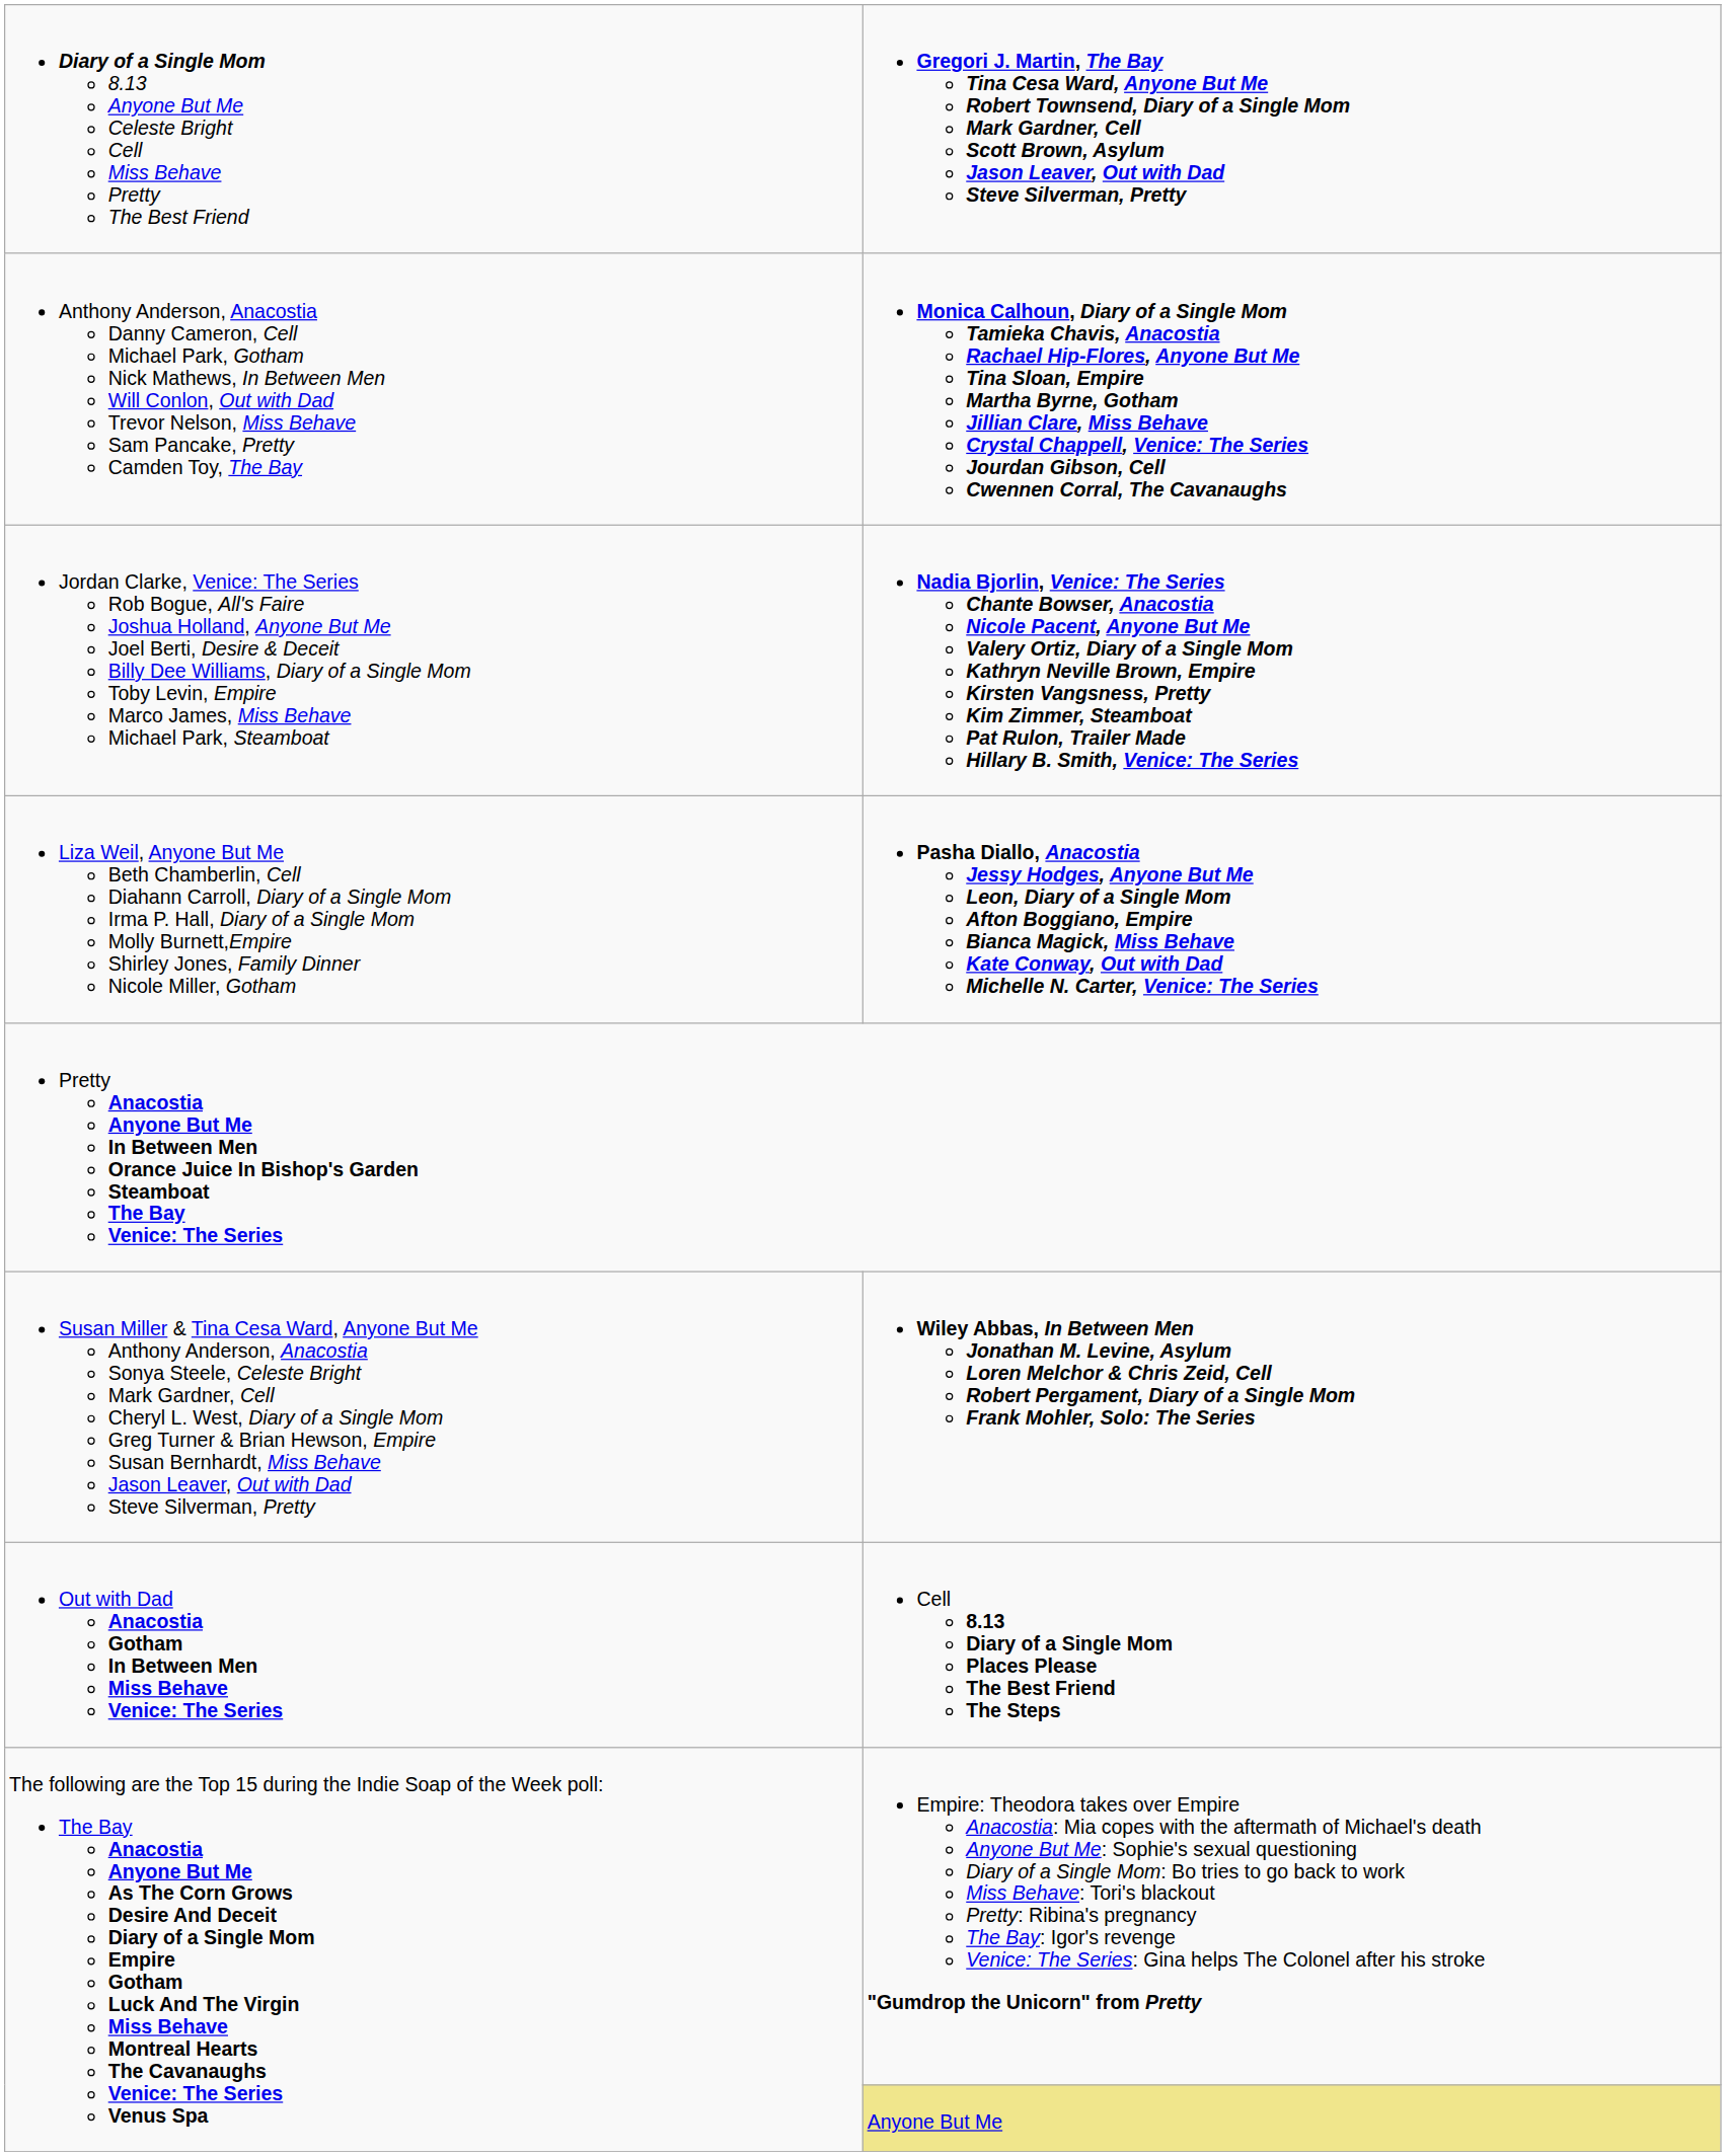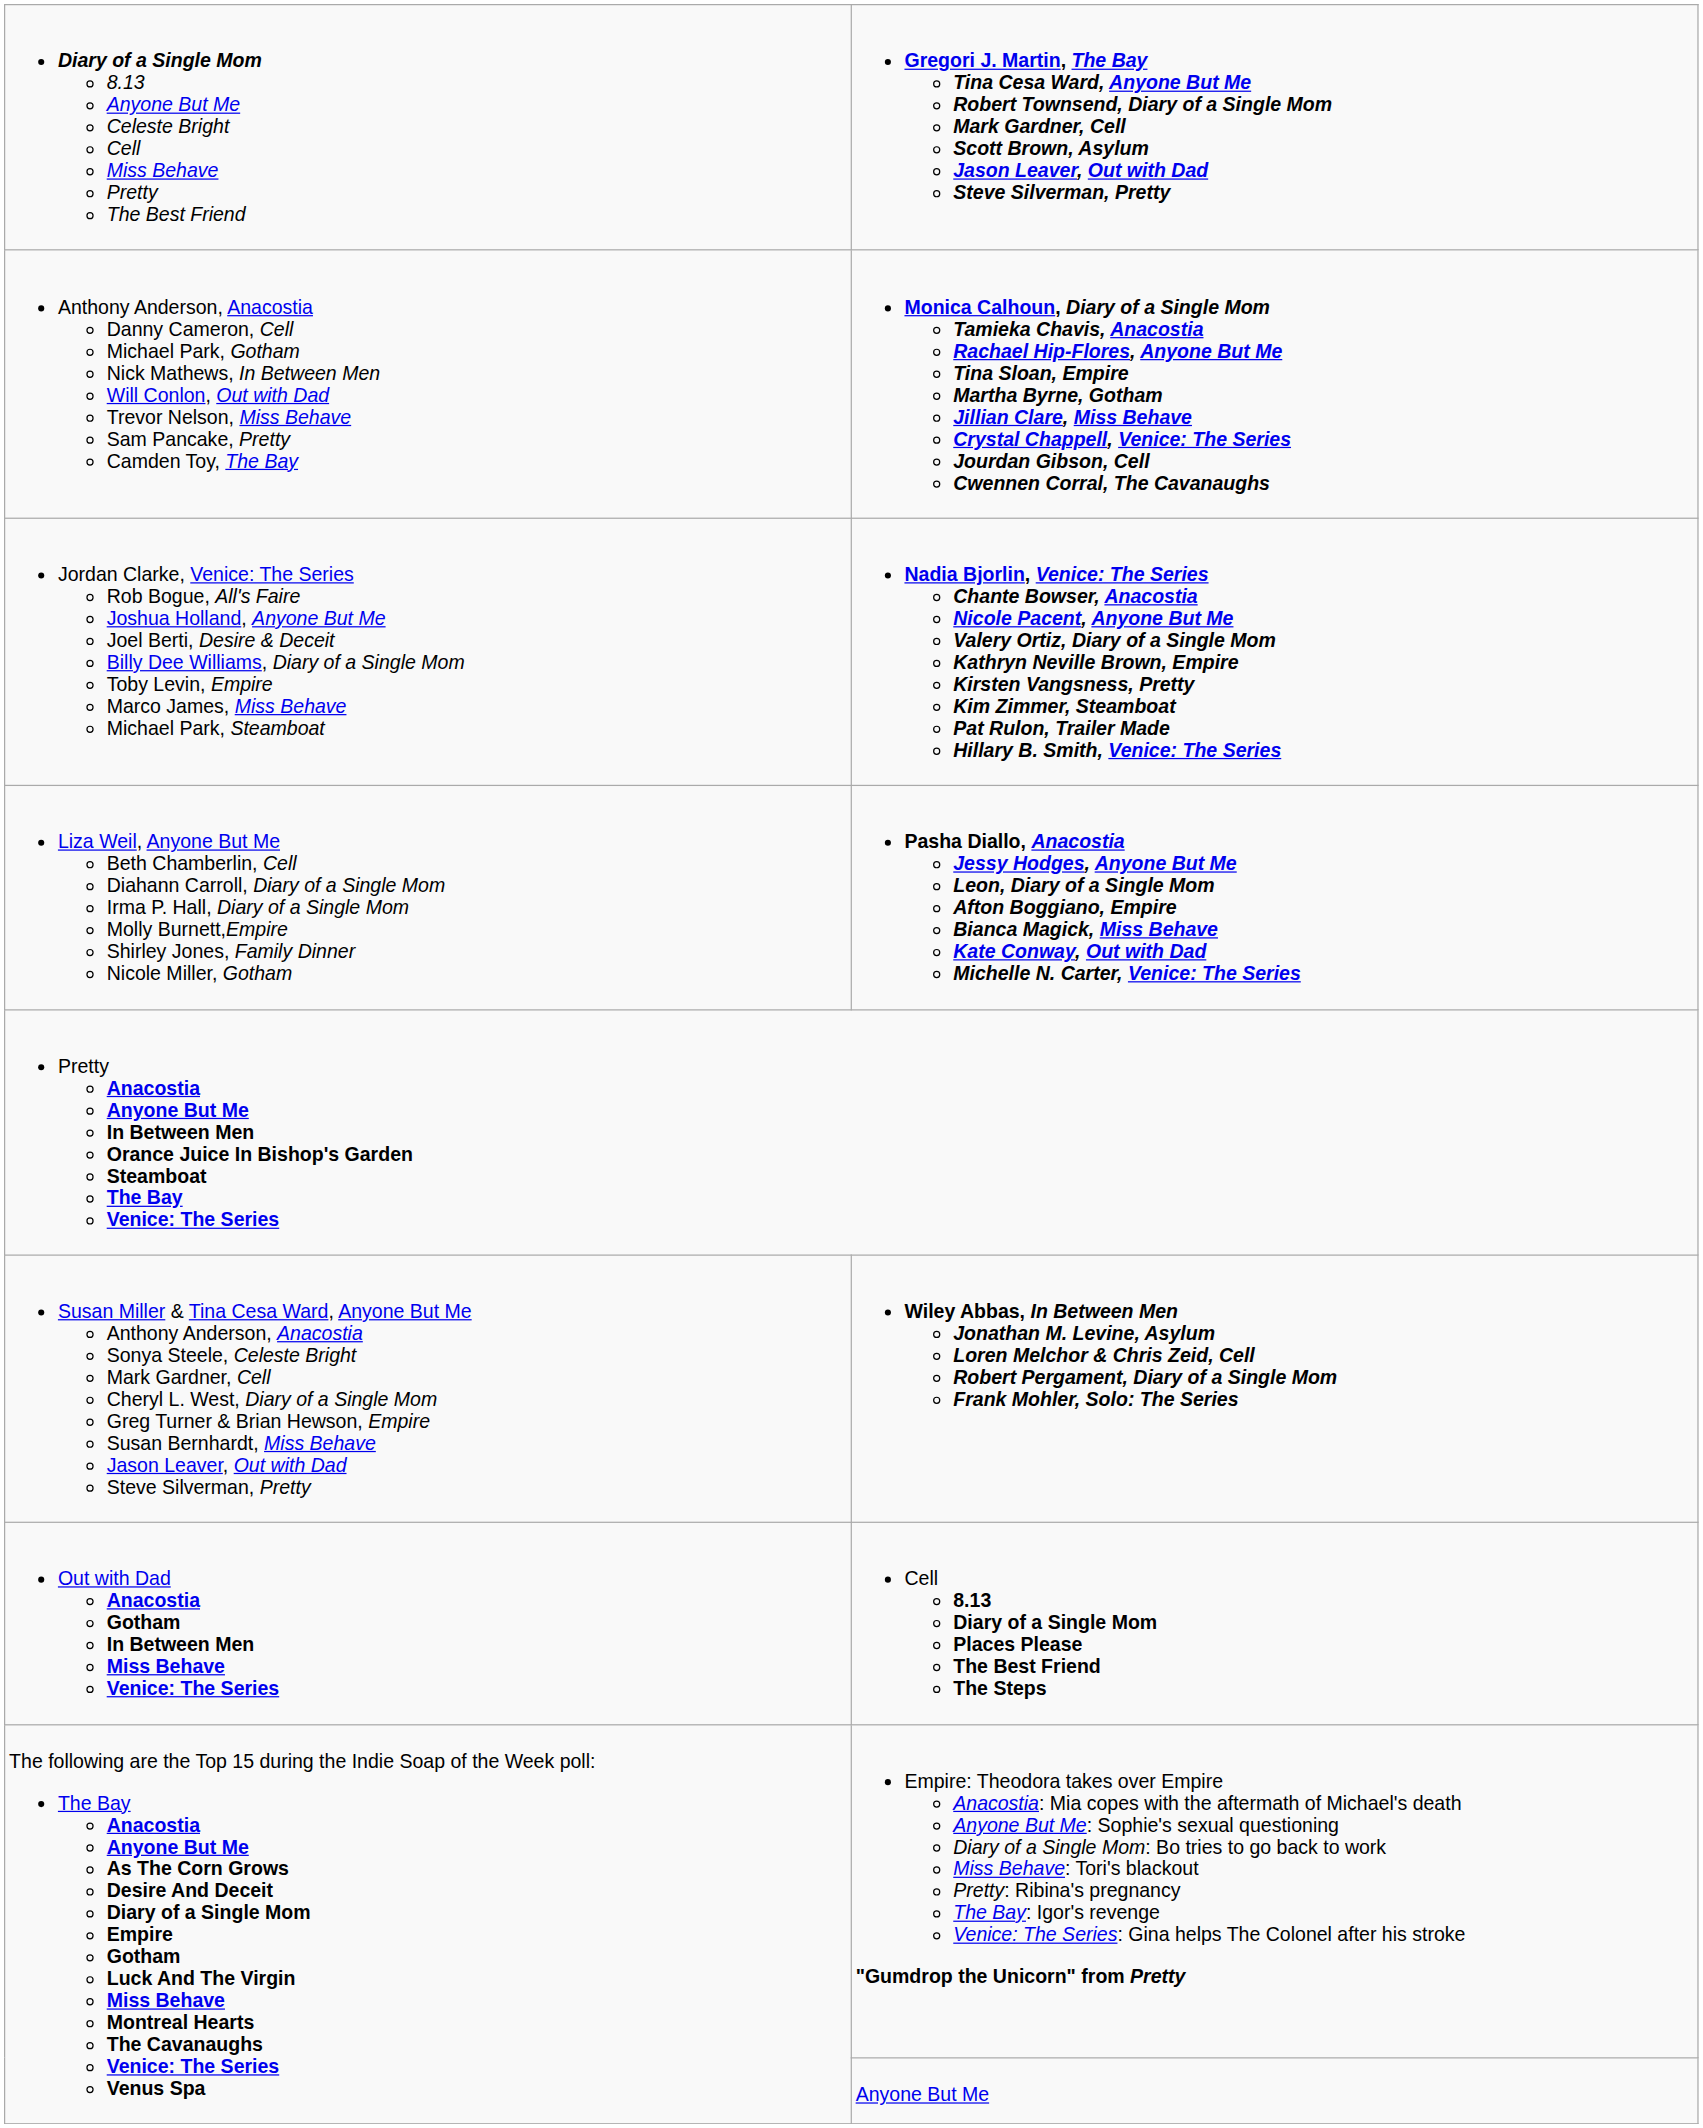 <table class=wikitable  style="width:70%">
 <tr>
 <td valign="top" width="50%"><br><ul><li><strong><em>Diary of a Single Mom</em></strong><ul><li><em>8.13</em></li><li><em><a href='#'>Anyone But Me</a></em></li><li><em>Celeste Bright</em></li><li><em>Cell</em></li><li><em><a href='#'>Miss Behave</a></em></li><li><em>Pretty</em></li><li><em>The Best Friend</em></li></ul></li></ul></td>
 <td valign="top" width="50%"><br><ul><li><strong><a href='#'>Gregori J. Martin</a>, <em><a href='#'>The Bay</a><strong><em><ul><li>Tina Cesa Ward, </em><a href='#'>Anyone But Me</a><em></li><li>Robert Townsend, </em>Diary of a Single Mom<em></li><li>Mark Gardner, </em>Cell<em></li><li>Scott Brown, </em>Asylum<em></li><li><a href='#'>Jason Leaver</a>, </em><a href='#'>Out with Dad</a><em></li><li>Steve Silverman, </em>Pretty<em></li></ul></li></ul></td>
 </tr>
 <tr>
 <td valign="top" width="50%"><br><ul><li></strong>Anthony Anderson, </em><a href='#'>Anacostia</a></em></strong><ul><li>Danny Cameron, <em>Cell</em></li><li>Michael Park, <em>Gotham</em></li><li>Nick Mathews, <em>In Between Men</em></li><li><a href='#'>Will Conlon</a>, <em><a href='#'>Out with Dad</a></em></li><li>Trevor Nelson, <em><a href='#'>Miss Behave</a></em></li><li>Sam Pancake, <em>Pretty</em></li><li>Camden Toy, <em><a href='#'>The Bay</a></em></li></ul></li></ul></td>
 <td valign="top" width="50%"><br><ul><li><strong><a href='#'>Monica Calhoun</a>, <em>Diary of a Single Mom<strong><em><ul><li>Tamieka Chavis, </em><a href='#'>Anacostia</a><em></li><li><a href='#'>Rachael Hip-Flores</a>, </em><a href='#'>Anyone But Me</a><em></li><li>Tina Sloan, </em>Empire<em></li><li>Martha Byrne, </em>Gotham<em></li><li><a href='#'>Jillian Clare</a>, </em><a href='#'>Miss Behave</a><em></li><li><a href='#'>Crystal Chappell</a>, </em><a href='#'>Venice: The Series</a><em></li><li>Jourdan Gibson, </em>Cell<em></li><li>Cwennen Corral, </em>The Cavanaughs<em></li></ul></li></ul></td>
 </tr>
 <tr>
 <td valign="top" width="50%"><br><ul><li></strong>Jordan Clarke, </em><a href='#'>Venice: The Series</a></em></strong><ul><li>Rob Bogue, <em>All's Faire</em></li><li><a href='#'>Joshua Holland</a>, <em><a href='#'>Anyone But Me</a></em></li><li>Joel Berti, <em>Desire & Deceit</em></li><li><a href='#'>Billy Dee Williams</a>, <em>Diary of a Single Mom</em></li><li>Toby Levin, <em>Empire</em></li><li>Marco James, <em><a href='#'>Miss Behave</a></em></li><li>Michael Park, <em>Steamboat</em></li></ul></li></ul></td>
 <td valign="top" width="50%"><br><ul><li><strong><a href='#'>Nadia Bjorlin</a>, <em><a href='#'>Venice: The Series</a><strong><em><ul><li>Chante Bowser, </em><a href='#'>Anacostia</a><em></li><li><a href='#'>Nicole Pacent</a>, </em><a href='#'>Anyone But Me</a><em></li><li>Valery Ortiz, </em>Diary of a Single Mom<em></li><li>Kathryn Neville Brown, </em>Empire<em></li><li>Kirsten Vangsness, </em>Pretty<em></li><li>Kim Zimmer, </em>Steamboat<em></li><li>Pat Rulon, </em>Trailer Made<em></li><li>Hillary B. Smith, </em><a href='#'>Venice: The Series</a><em></li></ul></li></ul></td>
 </tr>
 <tr>
 <td valign="top" width="50%"><br><ul><li></strong><a href='#'>Liza Weil</a>, </em><a href='#'>Anyone But Me</a></em></strong><ul><li>Beth Chamberlin, <em>Cell</em></li><li>Diahann Carroll, <em>Diary of a Single Mom</em></li><li>Irma P. Hall, <em>Diary of a Single Mom</em></li><li>Molly Burnett,<em>Empire</em></li><li>Shirley Jones, <em>Family Dinner</em></li><li>Nicole Miller, <em>Gotham</em></li></ul></li></ul></td>
 <td valign="top" width="50%"><br><ul><li><strong>Pasha Diallo, <em><a href='#'>Anacostia</a><strong><em><ul><li><a href='#'>Jessy Hodges</a>, </em><a href='#'>Anyone But Me</a><em></li><li>Leon, </em>Diary of a Single Mom<em></li><li>Afton Boggiano, </em>Empire<em></li><li>Bianca Magick, </em><a href='#'>Miss Behave</a><em></li><li><a href='#'>Kate Conway</a>, </em><a href='#'>Out with Dad</a><em></li><li>Michelle N. Carter, </em><a href='#'>Venice: The Series</a><em></li></ul></li></ul></td>
 </tr>
 <tr>
 <td valign="top" width="100%" colspan=2><br><ul><li></em></strong>Pretty<strong><em><ul><li></em><a href='#'>Anacostia</a><em></li><li></em><a href='#'>Anyone But Me</a><em></li><li></em>In Between Men<em></li><li></em>Orance Juice In Bishop's Garden<em></li><li></em>Steamboat<em></li><li></em><a href='#'>The Bay</a><em></li><li></em><a href='#'>Venice: The Series</a><em></li></ul></li></ul></td>
 </tr>
 <tr>
 <td valign="top" width="50%"><br><ul><li></strong><a href='#'>Susan Miller</a> & <a href='#'>Tina Cesa Ward</a>, </em><a href='#'>Anyone But Me</a></em></strong><ul><li>Anthony Anderson, <em><a href='#'>Anacostia</a></em></li><li>Sonya Steele, <em>Celeste Bright</em></li><li>Mark Gardner, <em>Cell</em></li><li>Cheryl L. West, <em>Diary of a Single Mom</em></li><li>Greg Turner & Brian Hewson, <em>Empire</em></li><li>Susan Bernhardt, <em><a href='#'>Miss Behave</a></em></li><li><a href='#'>Jason Leaver</a>, <em><a href='#'>Out with Dad</a></em></li><li>Steve Silverman, <em>Pretty</em></li></ul></li></ul></td>
 <td valign="top" width="50%"><br><ul><li><strong>Wiley Abbas, <em>In Between Men<strong><em><ul><li>Jonathan M. Levine, </em>Asylum<em></li><li>Loren Melchor & Chris Zeid, </em>Cell<em></li><li>Robert Pergament, </em>Diary of a Single Mom<em></li><li>Frank Mohler, </em>Solo: The Series<em></li></ul></li></ul></td>
 </tr>
 <tr>
 <td valign="top" width="50%"><br><ul><li></em></strong><a href='#'>Out with Dad</a><strong><em><ul><li></em><a href='#'>Anacostia</a><em></li><li></em>Gotham<em></li><li></em>In Between Men<em></li><li></em><a href='#'>Miss Behave</a><em></li><li></em><a href='#'>Venice: The Series</a><em></li></ul></li></ul></td>
 <td valign="top" width="50%"><br><ul><li></em></strong>Cell<strong><em><ul><li></em>8.13<em></li><li></em>Diary of a Single Mom<em></li><li></em>Places Please<em></li><li></em>The Best Friend<em></li><li></em>The Steps<em></li></ul></li></ul></td>
 </tr>
 <tr>
 <td valign="top" width="50%" rowspan=2><br> The following are the Top 15 during the Indie Soap of the Week poll:<ul><li></em></strong><a href='#'>The Bay</a><strong><em><ul><li></em><a href='#'>Anacostia</a><em></li><li></em><a href='#'>Anyone But Me</a><em></li><li></em>As The Corn Grows<em></li><li></em>Desire And Deceit<em></li><li></em>Diary of a Single Mom<em></li><li></em>Empire<em></li><li></em>Gotham<em></li><li></em>Luck And The Virgin<em></li><li></em><a href='#'>Miss Behave</a><em></li><li></em>Montreal Hearts<em></li><li></em>The Cavanaughs<em></li><li></em><a href='#'>Venice: The Series</a><em></li><li></em>Venus Spa<em></li></ul></li></ul></td>
 <td valign="top"><br><ul><li></em></strong>Empire</em>: Theodora takes over Empire</strong><ul><li><em><a href='#'>Anacostia</a></em>: Mia copes with the aftermath of Michael's death</li><li><em><a href='#'>Anyone But Me</a></em>: Sophie's sexual questioning</li><li><em>Diary of a Single Mom</em>: Bo tries to go back to work</li><li><em><a href='#'>Miss Behave</a></em>: Tori's blackout</li><li><em>Pretty</em>: Ribina's pregnancy</li><li><em><a href='#'>The Bay</a></em>: Igor's revenge</li><li><em><a href='#'>Venice: The Series</a></em>: Gina helps The Colonel after his stroke</li></ul></li></ul> <strong>"Gumdrop the Unicorn" from <em>Pretty<strong><em></td>
 </tr>
 <tr>
-<td valign="top" style="background: khaki;"><br> </em></strong><a href='#'>Anyone But Me</a><strong><em></td>
+<td valign="top"><br> </em></strong><a href='#'>Anyone But Me</a><strong><em></td>
 </tr>
 </table>
